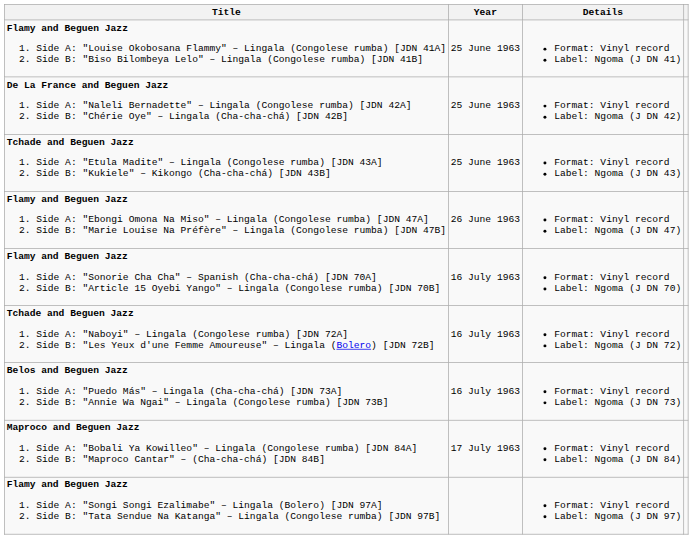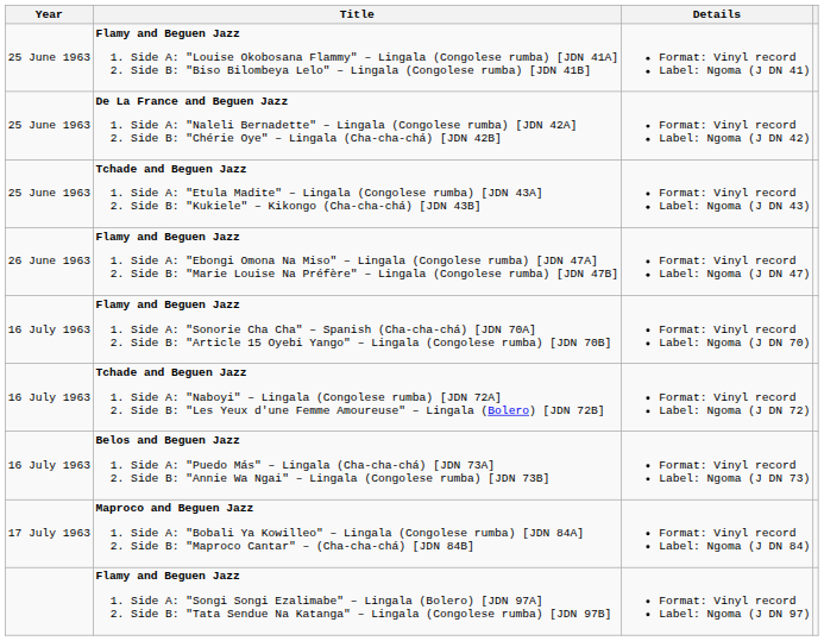 <table class="wikitable plainrowheaders">
 <tr>
+<th>Year</th>
 <th>Title</th>
-<th>Year</th>
 <th>Details</th>
 <th></th>
 </tr>
 <tr>
+<td>25 June 1963</td>
 <td><strong>Flamy and Beguen</strong> <strong>Jazz</strong><br><ol><li>Side A: "Louise Okobosana Flammy" – Lingala (Congolese rumba) [JDN 41A]</li><li>Side B: "Biso Bilombeya Lelo" – Lingala (Congolese rumba) [JDN 41B]</li></ol></td>
-<td>25 June 1963</td>
 <td><br><ul><li>Format: Vinyl record</li><li>Label: Ngoma (J DN 41)</li></ul></td>
 <td></td>
 </tr>
 <tr>
+<td>25 June 1963</td>
 <td><strong>De La France and Beguen Jazz</strong><br><ol><li>Side A: "Naleli Bernadette" – Lingala (Congolese rumba) [JDN 42A]</li><li>Side B: "Chérie Oye" – Lingala (Cha-cha-chá) [JDN 42B]</li></ol></td>
-<td>25 June 1963</td>
 <td><br><ul><li>Format: Vinyl record</li><li>Label: Ngoma (J DN 42)</li></ul></td>
 <td></td>
 </tr>
 <tr>
+<td>25 June 1963</td>
 <td><strong>Tchade and Beguen Jazz</strong><br><ol><li>Side A: "Etula Madite" – Lingala (Congolese rumba) [JDN 43A]</li><li>Side B: "Kukiele" – Kikongo (Cha-cha-chá) [JDN 43B]</li></ol></td>
-<td>25 June 1963</td>
 <td><br><ul><li>Format: Vinyl record</li><li>Label: Ngoma (J DN 43)</li></ul></td>
 <td></td>
 </tr>
 <tr>
+<td>26 June 1963</td>
 <td><strong>Flamy and Beguen Jazz</strong><br><ol><li>Side A: "Ebongi Omona Na Miso" – Lingala (Congolese rumba) [JDN 47A]</li><li>Side B: "Marie Louise Na Préfère" – Lingala (Congolese rumba) [JDN 47B]</li></ol></td>
-<td>26 June 1963</td>
 <td><br><ul><li>Format: Vinyl record</li><li>Label: Ngoma (J DN 47)</li></ul></td>
 <td></td>
 </tr>
 <tr>
+<td>16 July 1963</td>
 <td><strong>Flamy and Beguen Jazz</strong><br><ol><li>Side A: "Sonorie Cha Cha" – Spanish (Cha-cha-chá) [JDN 70A]</li><li>Side B: "Article 15 Oyebi Yango" – Lingala (Congolese rumba) [JDN 70B]</li></ol></td>
-<td>16 July 1963</td>
 <td><br><ul><li>Format: Vinyl record</li><li>Label: Ngoma (J DN 70)</li></ul></td>
 <td></td>
 </tr>
 <tr>
+<td>16 July 1963</td>
 <td><strong>Tchade and Beguen Jazz</strong><br><ol><li>Side A: "Naboyi" – Lingala (Congolese rumba) [JDN 72A]</li><li>Side B: "Les Yeux d'une Femme Amoureuse" – Lingala (<a href='#'>Bolero</a>) [JDN 72B]</li></ol></td>
-<td>16 July 1963</td>
 <td><br><ul><li>Format: Vinyl record</li><li>Label: Ngoma (J DN 72)</li></ul></td>
 <td></td>
 </tr>
 <tr>
+<td>16 July 1963</td>
 <td><strong>Belos and Beguen Jazz</strong><br><ol><li>Side A: "Puedo Más" – Lingala (Cha-cha-chá) [JDN 73A]</li><li>Side B: "Annie Wa Ngai" – Lingala (Congolese rumba) [JDN 73B]</li></ol></td>
-<td>16 July 1963</td>
 <td><br><ul><li>Format: Vinyl record</li><li>Label: Ngoma (J DN 73)</li></ul></td>
 <td></td>
 </tr>
 <tr>
+<td>17 July 1963</td>
 <td><strong>Maproco and Beguen Jazz</strong><br><ol><li>Side A: "Bobali Ya Kowilleo" – Lingala (Congolese rumba) [JDN 84A]</li><li>Side B: "Maproco Cantar" – (Cha-cha-chá) [JDN 84B]</li></ol></td>
-<td>17 July 1963</td>
 <td><br><ul><li>Format: Vinyl record</li><li>Label: Ngoma (J DN 84)</li></ul></td>
 <td></td>
 </tr>
 <tr>
+<td></td>
 <td><strong>Flamy and Beguen Jazz</strong><br><ol><li>Side A: "Songi Songi Ezalimabe" – Lingala (Bolero) [JDN 97A]</li><li>Side B: "Tata Sendue Na Katanga" – Lingala (Congolese rumba) [JDN 97B]</li></ol></td>
-<td></td>
 <td><br><ul><li>Format: Vinyl record</li><li>Label: Ngoma (J DN 97)</li></ul></td>
 <td></td>
 </tr>
 </table>
